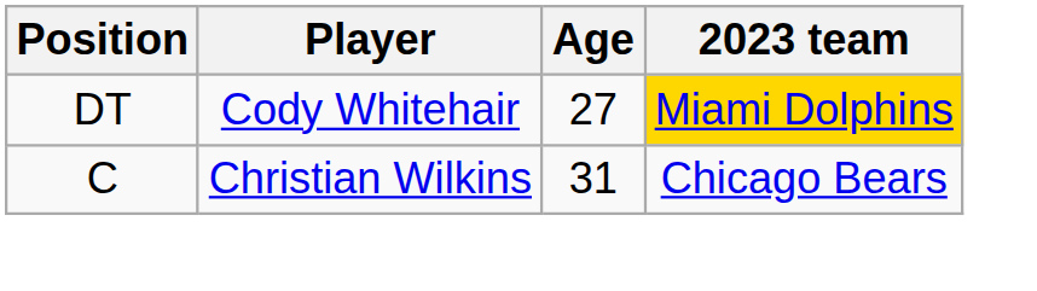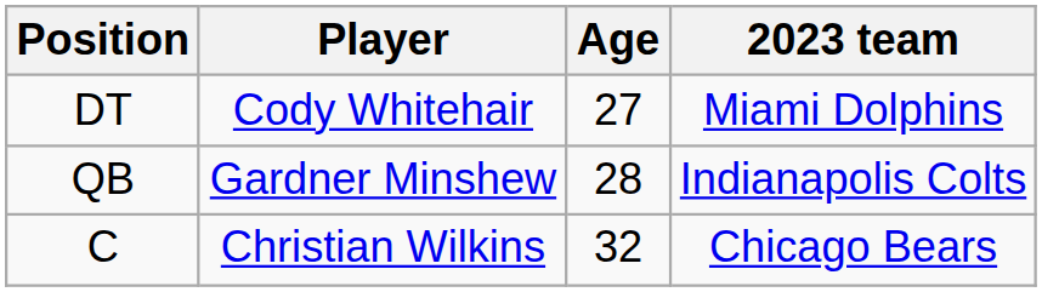 <table class="wikitable" style="text-align:center">
 <tr>
 <th>Position</th>
 <th>Player</th>
 <th>Age</th>
 <th>2023 team</th>
 </tr>
 <tr>
 <td>DT</td>
 <td><a href='#'>Cody Whitehair</a></td>
 <td>27</td>
-<td style="background: gold;"><a href='#'>Miami Dolphins</a></td>
+<td><a href='#'>Miami Dolphins</a></td>
+</tr>
+<tr>
+<td>QB</td>
+<td><a href='#'>Gardner Minshew</a></td>
+<td>28</td>
+<td><a href='#'>Indianapolis Colts</a></td>
 </tr>
 <tr>
 <td>C</td>
 <td><a href='#'>Christian Wilkins</a></td>
-<td>31</td>
+<td>32</td>
 <td><a href='#'>Chicago Bears</a></td>
 </tr>
 </table>
